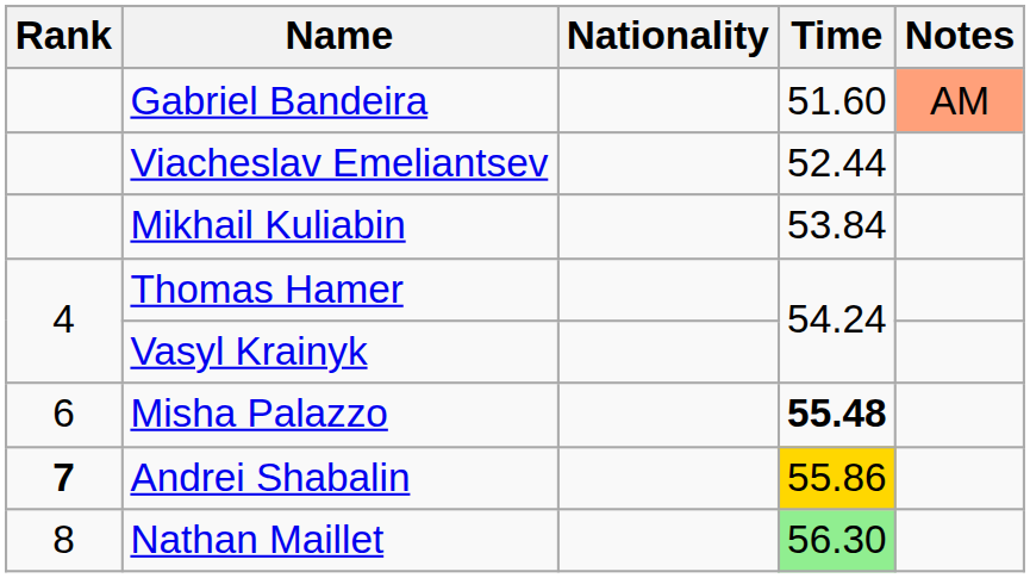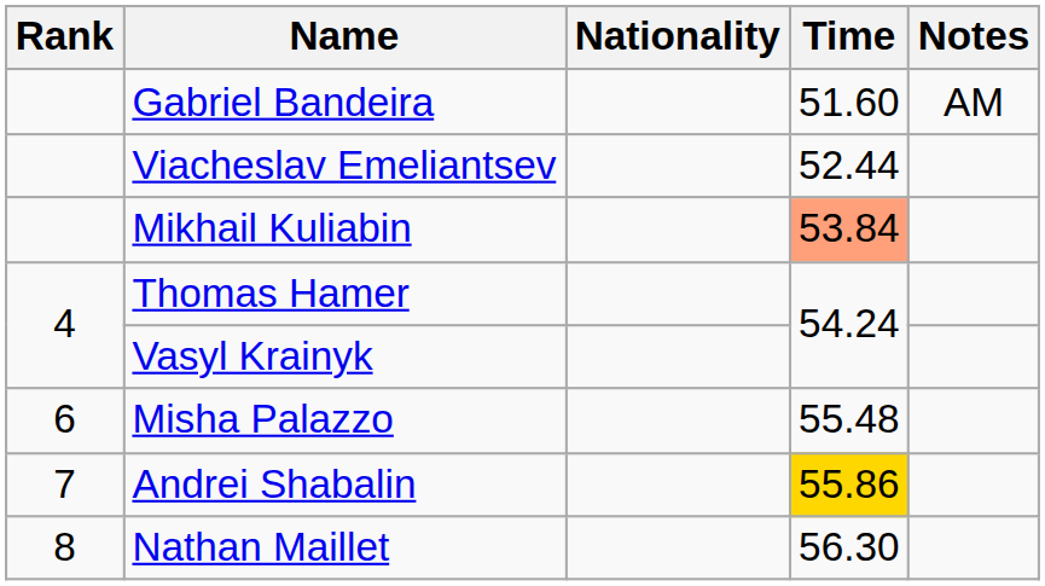 <table class="wikitable sortable" style="text-align:center">
 <tr>
 <th>Rank</th>
 <th>Name</th>
 <th>Nationality</th>
 <th>Time</th>
 <th>Notes</th>
 </tr>
 <tr>
 <td></td>
 <td align=left><a href='#'>Gabriel Bandeira</a></td>
 <td align=left></td>
 <td>51.60</td>
-<td style="background: lightsalmon;">AM</td>
+<td>AM</td>
 </tr>
 <tr>
 <td></td>
 <td align=left><a href='#'>Viacheslav Emeliantsev</a></td>
 <td align=left></td>
 <td>52.44</td>
 <td></td>
 </tr>
 <tr>
 <td></td>
 <td align=left><a href='#'>Mikhail Kuliabin</a></td>
 <td align=left></td>
-<td>53.84</td>
+<td style="background: lightsalmon;">53.84</td>
 <td></td>
 </tr>
 <tr>
 <td rowspan=2>4</td>
 <td align=left><a href='#'>Thomas Hamer</a></td>
 <td align=left></td>
 <td rowspan=2>54.24</td>
 <td></td>
 </tr>
 <tr>
 <td align=left><a href='#'>Vasyl Krainyk</a></td>
 <td align=left></td>
 <td></td>
 </tr>
 <tr>
 <td>6</td>
 <td align=left><a href='#'>Misha Palazzo</a></td>
 <td align=left></td>
-<td><strong>55.48</strong></td>
+<td>55.48</td>
 <td></td>
 </tr>
 <tr>
-<td><strong>7</strong></td>
+<td>7</td>
 <td align=left><a href='#'>Andrei Shabalin</a></td>
 <td align=left></td>
 <td style="background: gold;">55.86</td>
 <td></td>
 </tr>
 <tr>
 <td>8</td>
 <td align=left><a href='#'>Nathan Maillet</a></td>
 <td align=left></td>
-<td style="background: lightgreen;">56.30</td>
+<td>56.30</td>
 <td></td>
 </tr>
 </table>
